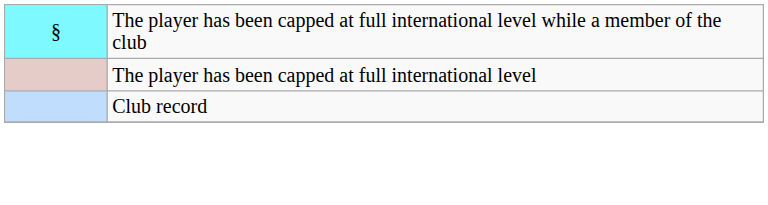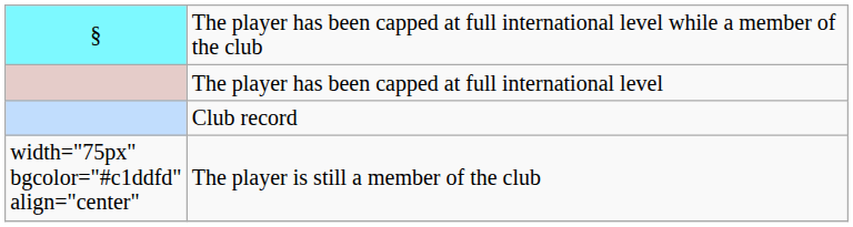 <table class="wikitable">
 <tr>
 <td width="75px" bgcolor="#7DF9FF" align="center">§</td>
 <td>The player has been capped at full international level while a member of the club</td>
 </tr>
 <tr>
 <td width="75px" bgcolor="#E5CCC9" align="center"></td>
 <td>The player has been capped at full international level</td>
 </tr>
 <tr>
 <td width="75px" bgcolor="#c1ddfd" align="center"></td>
 <td>Club record</td>
 </tr>
 <tr>
+<td>width="75px" bgcolor="#c1ddfd" align="center" </td>
+<td>The player is still a member of the club</td>
+</tr>
+<tr>
 </tr>
 </table>
